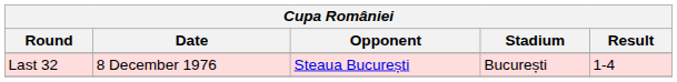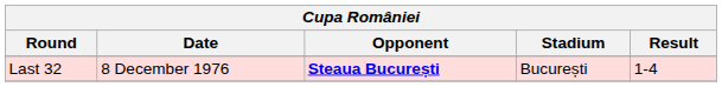 <table class="wikitable" style="width:80%;">
 <tr>
 <th colspan="5" style="text-align:center;"><em>Cupa României</em></th>
 </tr>
 <tr>
 <th>Round</th>
 <th>Date</th>
 <th>Opponent</th>
 <th>Stadium</th>
 <th>Result</th>
 </tr>
 <tr>
 </tr>
 <tr bgcolor="#ffdddd">
 <td>Last 32</td>
 <td>8 December 1976</td>
-<td><a href='#'>Steaua București</a></td>
+<td><strong><a href='#'>Steaua București</a></strong></td>
 <td>București</td>
 <td>1-4</td>
 </tr>
 <tr>
 </tr>
 </table>
